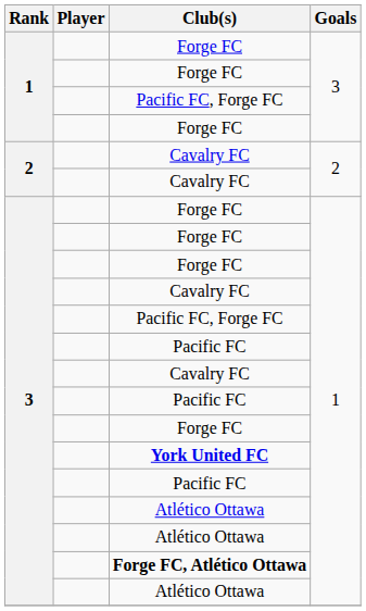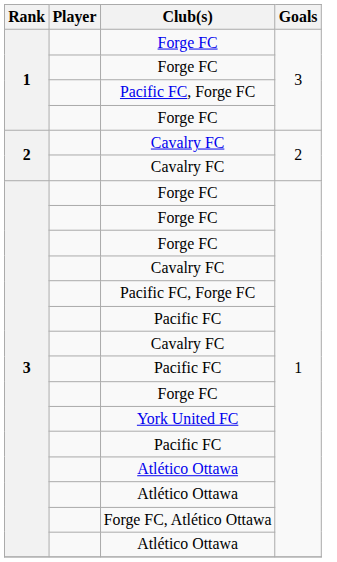 <table class="wikitable sortable" style=text-align:center;">
 <tr>
 <th>Rank</th>
 <th>Player</th>
 <th>Club(s)</th>
 <th>Goals</th>
 </tr>
 <tr>
 <th rowspan="4">1</th>
 <td style=text-align:left;”> </td>
 <td><a href='#'>Forge FC</a></td>
 <td rowspan="4">3</td>
 </tr>
 <tr>
 <td style=text-align:left;”> </td>
 <td>Forge FC</td>
 </tr>
 <tr>
 <td style=text-align:left;”> </td>
 <td><a href='#'>Pacific FC</a>, Forge FC</td>
 </tr>
 <tr>
 <td style=text-align:left;”> </td>
 <td>Forge FC</td>
 </tr>
 <tr>
 <th rowspan="2">2</th>
 <td style=text-align:left;”> </td>
 <td><a href='#'>Cavalry FC</a></td>
 <td rowspan="2">2</td>
 </tr>
 <tr>
 <td style=text-align:left;”> </td>
 <td>Cavalry FC</td>
 </tr>
 <tr>
 <th rowspan="15">3</th>
 <td style=text-align:left;”> </td>
 <td>Forge FC</td>
 <td rowspan="15">1</td>
 </tr>
 <tr>
 <td style=text-align:left;”> </td>
 <td>Forge FC</td>
 </tr>
 <tr>
 <td style=text-align:left;”> </td>
 <td>Forge FC</td>
 </tr>
 <tr>
 <td style=text-align:left;”> </td>
 <td>Cavalry FC</td>
 </tr>
 <tr>
 <td style=text-align:left;”> </td>
 <td>Pacific FC, Forge FC</td>
 </tr>
 <tr>
 <td style=text-align:left;”> </td>
 <td>Pacific FC</td>
 </tr>
 <tr>
 <td style=text-align:left;”> </td>
 <td>Cavalry FC</td>
 </tr>
 <tr>
 <td style=text-align:left;”> </td>
 <td>Pacific FC</td>
 </tr>
 <tr>
 <td style=text-align:left;”> </td>
 <td>Forge FC</td>
 </tr>
 <tr>
 <td style=text-align:left;”> </td>
-<td><strong><a href='#'>York United FC</a></strong></td>
+<td><a href='#'>York United FC</a></td>
 </tr>
 <tr>
 <td style=text-align:left;”> </td>
 <td>Pacific FC</td>
 </tr>
 <tr>
 <td style=text-align:left;”> </td>
 <td><a href='#'>Atlético Ottawa</a></td>
 </tr>
 <tr>
 <td style=text-align:left;”> </td>
 <td>Atlético Ottawa</td>
 </tr>
 <tr>
 <td style=text-align:left;”> </td>
-<td><strong>Forge FC, Atlético Ottawa</strong></td>
+<td>Forge FC, Atlético Ottawa</td>
 </tr>
 <tr>
 <td style=text-align:left;”> </td>
 <td>Atlético Ottawa</td>
 </tr>
 <tr>
 </tr>
 </table>
